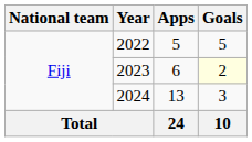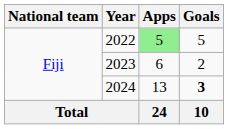 <table class="wikitable" style="text-align:center">
 <tr>
 <th>National team</th>
 <th>Year</th>
 <th>Apps</th>
 <th>Goals</th>
 </tr>
 <tr>
 <td rowspan="3"><a href='#'>Fiji</a></td>
 <td>2022</td>
-<td>5</td>
+<td style="background: lightgreen;">5</td>
 <td>5</td>
 </tr>
 <tr>
 <td>2023</td>
 <td>6</td>
-<td style="background: lightyellow;">2</td>
+<td>2</td>
 </tr>
 <tr>
 <td>2024</td>
 <td>13</td>
-<td>3</td>
+<td><strong>3</strong></td>
 </tr>
 <tr>
 <th colspan="2">Total</th>
 <th>24</th>
 <th>10</th>
 </tr>
 </table>
